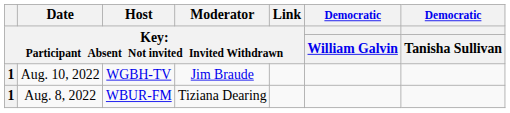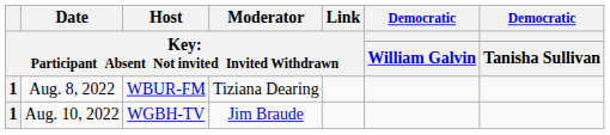 <table class="wikitable" style="text-align:center;">
 <tr>
 <th scope="col"></th>
 <th scope="col">Date</th>
 <th scope="col">Host</th>
 <th scope="col">Moderator</th>
 <th scope="col">Link</th>
 <th scope="col"><small><a href='#'>Democratic</a></small></th>
 <th scope="col"><small><a href='#'>Democratic</a></small></th>
 </tr>
 <tr>
 <th colspan="5" rowspan="2">Key:<br> <small>Participant </small>  <small>Absent </small>  <small>Not invited </small>  <small>Invited  Withdrawn</small></th>
 <th scope="col" style="background:"></th>
 <th scope="col" style="background:"></th>
 </tr>
 <tr>
 <th scope="col"><a href='#'>William Galvin</a></th>
 <th scope="col">Tanisha Sullivan</th>
 </tr>
 <tr>
 <th>1</th>
+<td style="white-space:nowrap;">Aug. 8, 2022</td>
+<td style="white-space:nowrap;"><a href='#'>WBUR-FM</a></td>
+<td style="white-space:nowrap;">Tiziana Dearing</td>
+<td style="white-space:nowrap;"></td>
+<td></td>
+<td></td>
+</tr>
+<tr>
+<th>1</th>
 <td style="white-space:nowrap;">Aug. 10, 2022</td>
 <td style="white-space:nowrap;"><a href='#'>WGBH-TV</a></td>
 <td style="white-space:nowrap;"><a href='#'>Jim Braude</a></td>
 <td style="white-space:nowrap;"></td>
 <td></td>
 <td></td>
 </tr>
-<tr>
-<th>1</th>
-<td style="white-space:nowrap;">Aug. 8, 2022</td>
-<td style="white-space:nowrap;"><a href='#'>WBUR-FM</a></td>
-<td style="white-space:nowrap;">Tiziana Dearing</td>
-<td style="white-space:nowrap;"></td>
-<td></td>
-<td></td>
-</tr>
 </table>
